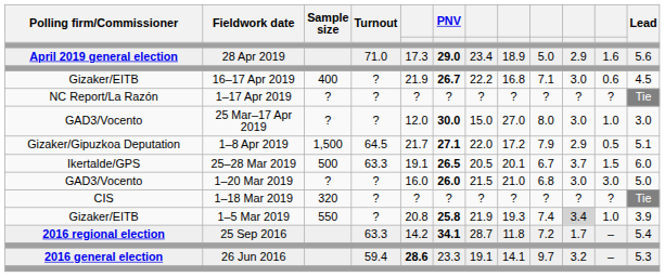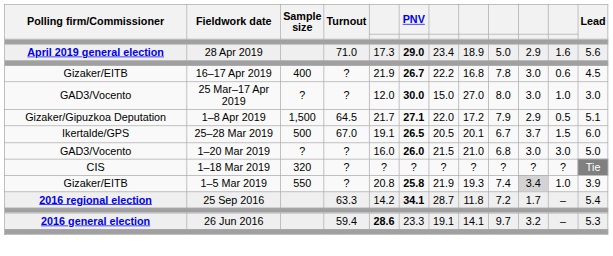 <table class="wikitable collapsible collapsed" style="text-align:center; font-size:95%; line-height:16px;">
 <tr style="height:42px;">
 <th style="width:250px;" rowspan="2">Polling firm/Commissioner</th>
 <th style="width:125px;" rowspan="2">Fieldwork date</th>
 <th style="width:50px;" rowspan="2">Sample size</th>
 <th style="width:45px;" rowspan="2">Turnout</th>
 <th style="width:35px;"></th>
 <th style="width:35px;"><a href='#'>PNV</a></th>
 <th style="width:35px;"></th>
 <th style="width:35px;"></th>
 <th style="width:35px;"></th>
 <th style="width:35px;"></th>
 <th style="width:35px;"></th>
 <th style="width:30px;" rowspan="2">Lead</th>
 </tr>
 <tr>
 <th style="color:inherit;background:"></th>
 <th style="color:inherit;background:"></th>
 <th style="color:inherit;background:"></th>
 <th style="color:inherit;background:"></th>
 <th style="color:inherit;background:"></th>
 <th style="color:inherit;background:"></th>
 <th style="color:inherit;background:"></th>
 </tr>
 <tr>
 <td colspan="12" style="background:#A0A0A0"></td>
 </tr>
 <tr style="background:#EFEFEF;">
 <td><strong><a href='#'>April 2019 general election</a></strong></td>
 <td>28 Apr 2019</td>
 <td></td>
 <td>71.0</td>
 <td>17.3<br></td>
 <td><strong>29.0</strong><br></td>
 <td>23.4<br></td>
 <td>18.9<br></td>
 <td>5.0<br></td>
 <td>2.9<br></td>
 <td>1.6<br></td>
 <td style="background:">5.6</td>
 </tr>
 <tr>
 <td colspan="12" style="background:#A0A0A0"></td>
 </tr>
 <tr>
 <td>Gizaker/EITB</td>
 <td>16–17 Apr 2019</td>
 <td>400</td>
 <td>?</td>
 <td>21.9<br></td>
 <td><strong>26.7</strong><br></td>
 <td>22.2<br></td>
 <td>16.8<br></td>
-<td>7.1<br></td>
+<td>7.8<br></td>
 <td>3.0<br></td>
 <td>0.6<br></td>
 <td style="background:">4.5</td>
-</tr>
-<tr>
-<td>NC Report/La Razón</td>
-<td>1–17 Apr 2019</td>
-<td>?</td>
-<td>?</td>
-<td>?<br></td>
-<td>?<br></td>
-<td>?<br></td>
-<td>?<br></td>
-<td>?<br></td>
-<td>?<br></td>
-<td>?<br></td>
-<td style="background:gray;color:white;">Tie</td>
 </tr>
 <tr>
 <td>GAD3/Vocento</td>
 <td>25 Mar–17 Apr 2019</td>
 <td>?</td>
 <td>?</td>
 <td>12.0<br></td>
 <td><strong>30.0</strong><br></td>
 <td>15.0<br></td>
 <td>27.0<br></td>
 <td>8.0<br></td>
 <td>3.0<br></td>
 <td>1.0<br></td>
 <td style="background:">3.0</td>
 </tr>
 <tr>
 <td>Gizaker/Gipuzkoa Deputation</td>
 <td>1–8 Apr 2019</td>
 <td>1,500</td>
 <td>64.5</td>
 <td>21.7<br></td>
 <td><strong>27.1</strong><br></td>
 <td>22.0<br></td>
 <td>17.2<br></td>
 <td>7.9<br></td>
 <td>2.9<br></td>
 <td>0.5<br></td>
 <td style="background:">5.1</td>
 </tr>
 <tr>
 <td>Ikertalde/GPS</td>
 <td>25–28 Mar 2019</td>
 <td>500</td>
-<td>63.3</td>
+<td>67.0</td>
 <td>19.1<br></td>
 <td><strong>26.5</strong><br></td>
 <td>20.5<br></td>
 <td>20.1<br></td>
 <td>6.7<br></td>
 <td>3.7<br></td>
 <td>1.5<br></td>
 <td style="background:">6.0</td>
 </tr>
 <tr>
 <td>GAD3/Vocento</td>
 <td>1–20 Mar 2019</td>
 <td>?</td>
 <td>?</td>
 <td>16.0<br></td>
 <td><strong>26.0</strong><br></td>
 <td>21.5<br></td>
 <td>21.0<br></td>
 <td>6.8<br></td>
 <td>3.0<br></td>
 <td>3.0<br></td>
 <td style="background:">5.0</td>
 </tr>
 <tr>
 <td>CIS</td>
 <td>1–18 Mar 2019</td>
 <td>320</td>
 <td>?</td>
 <td>?<br></td>
 <td>?<br></td>
 <td>?<br></td>
 <td>?<br></td>
 <td>?<br></td>
 <td>?<br></td>
 <td>?<br></td>
 <td style="background:gray;color:white;">Tie</td>
 </tr>
 <tr>
 <td>Gizaker/EITB</td>
 <td>1–5 Mar 2019</td>
 <td>550</td>
 <td>?</td>
 <td>20.8<br></td>
 <td><strong>25.8</strong><br></td>
 <td>21.9<br></td>
 <td>19.3<br></td>
 <td>7.4<br></td>
 <td style="background: lightgrey;">3.4<br></td>
 <td>1.0<br></td>
 <td style="background:">3.9</td>
 </tr>
 <tr style="background:#EFEFEF;">
 <td><strong><a href='#'>2016 regional election</a></strong></td>
 <td>25 Sep 2016</td>
 <td></td>
 <td>63.3</td>
 <td>14.2<br></td>
 <td><strong>34.1</strong><br></td>
 <td>28.7<br></td>
 <td>11.8<br></td>
 <td>7.2<br></td>
 <td>1.7<br></td>
 <td>–</td>
 <td style="background:">5.4</td>
 </tr>
 <tr>
 <td colspan="12" style="background:#A0A0A0"></td>
 </tr>
 <tr style="background:#EFEFEF;">
 <td><strong><a href='#'>2016 general election</a></strong></td>
 <td>26 Jun 2016</td>
 <td></td>
 <td>59.4</td>
 <td><strong>28.6</strong><br></td>
 <td>23.3<br></td>
 <td>19.1<br></td>
 <td>14.1<br></td>
 <td>9.7<br></td>
 <td>3.2<br></td>
 <td>–</td>
 <td style="background:">5.3</td>
 </tr>
 <tr>
 <td colspan="12" style="background:#A0A0A0"></td>
 </tr>
 </table>
